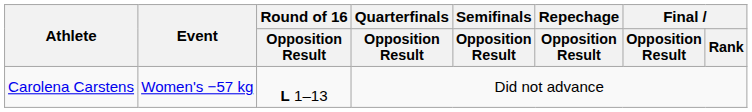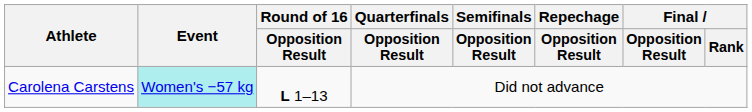 <table class="wikitable" style="font-size:90%;">
 <tr>
 <th rowspan=2>Athlete</th>
 <th rowspan=2>Event</th>
 <th>Round of 16</th>
 <th>Quarterfinals</th>
 <th>Semifinals</th>
 <th>Repechage</th>
 <th colspan=2>Final / </th>
 </tr>
 <tr style="font-size:95%">
 <th>Opposition<br>Result</th>
 <th>Opposition<br>Result</th>
 <th>Opposition<br>Result</th>
 <th>Opposition<br>Result</th>
 <th>Opposition<br>Result</th>
 <th>Rank</th>
 </tr>
 <tr align=center>
 <td align=left><a href='#'>Carolena Carstens</a></td>
-<td align=left><a href='#'>Women's −57 kg</a></td>
+<td align=left style="background: paleturquoise;"><a href='#'>Women's −57 kg</a></td>
 <td><br><strong>L</strong> 1–13 </td>
 <td colspan=5>Did not advance</td>
 </tr>
 </table>
